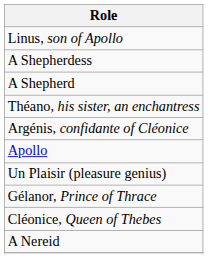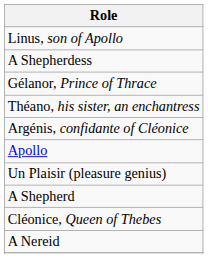 <table class="wikitable">
 <tr>
 <th>Role</th>
 </tr>
 <tr>
 <td>Linus, <em>son of Apollo</em></td>
 </tr>
 <tr>
 <td>A Shepherdess</td>
 </tr>
 <tr>
-<td>A Shepherd</td>
+<td>Gélanor, <em>Prince of Thrace</em></td>
 </tr>
 <tr>
 <td>Théano, <em>his sister, an enchantress</em></td>
 </tr>
 <tr>
 <td>Argénis, <em>confidante of Cléonice</em></td>
 </tr>
 <tr>
 <td><a href='#'>Apollo</a></td>
 </tr>
 <tr>
 <td>Un Plaisir (pleasure genius)</td>
 </tr>
 <tr>
-<td>Gélanor, <em>Prince of Thrace</em></td>
+<td>A Shepherd</td>
 </tr>
 <tr>
 <td>Cléonice, <em>Queen of Thebes</em></td>
 </tr>
 <tr>
 <td>A Nereid</td>
 </tr>
 <tr>
 </tr>
 <tr Choir of Thebans, Thraces, Shepherds, Blacksmiths, Nereids and Tritons and Divinities of the Sea>
 </tr>
 </table>
